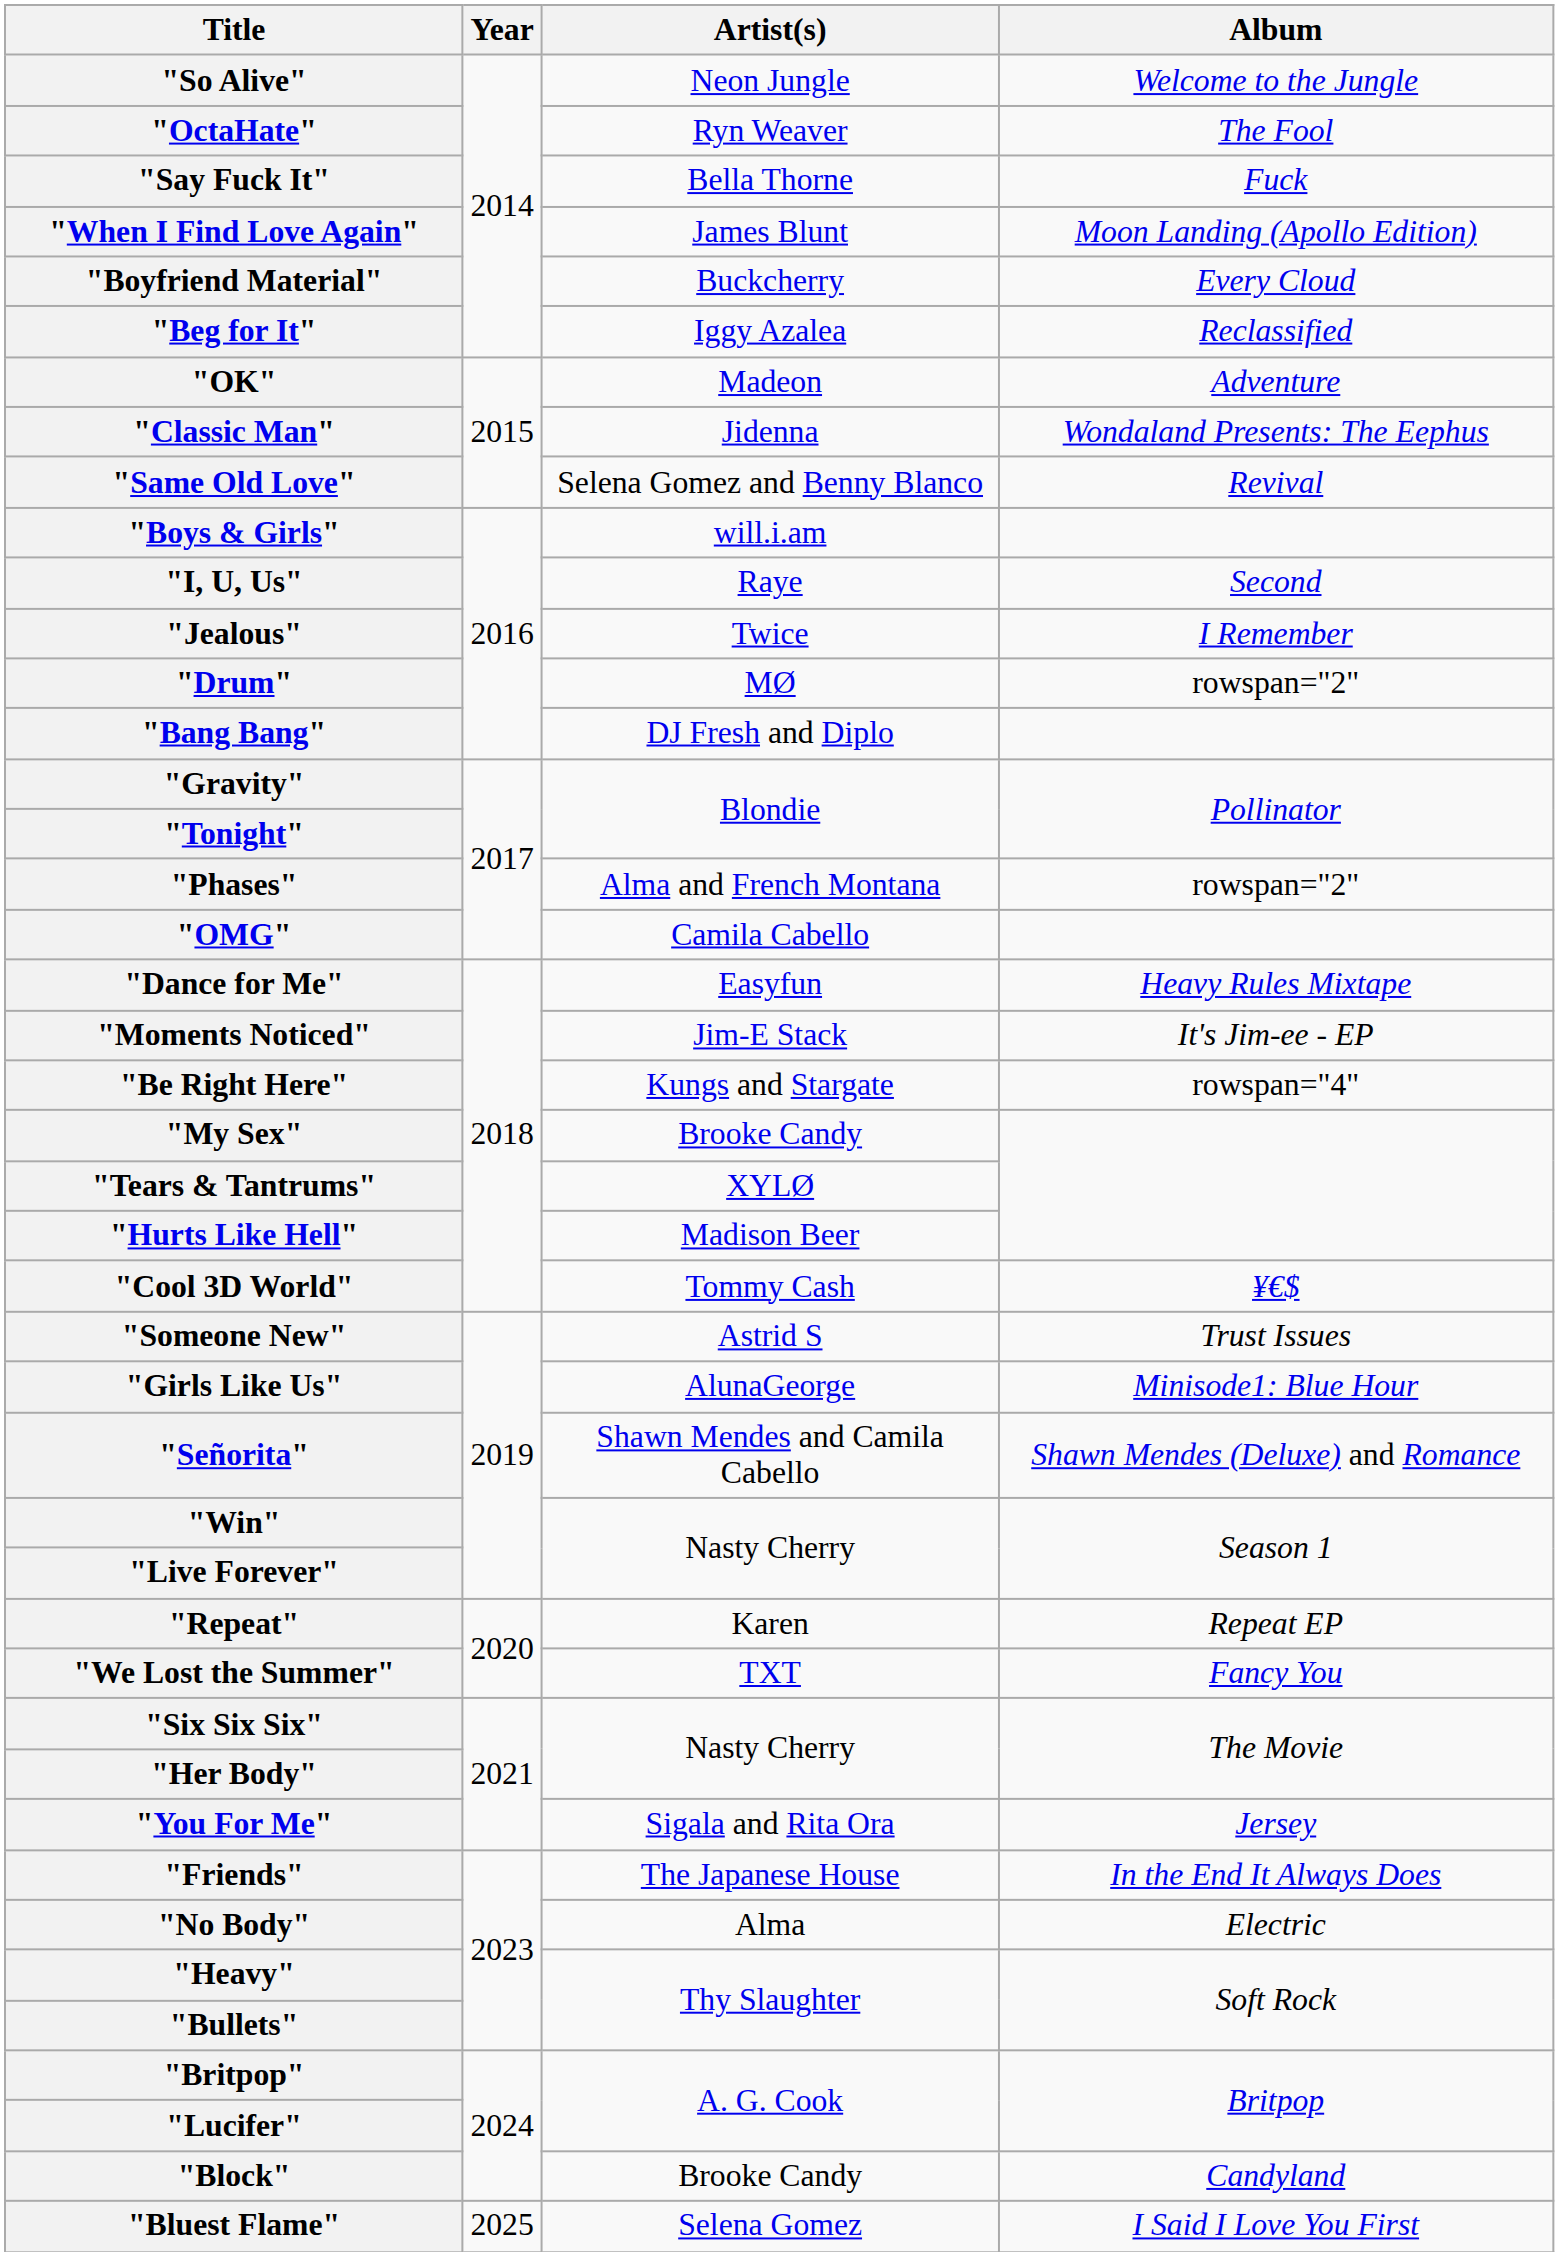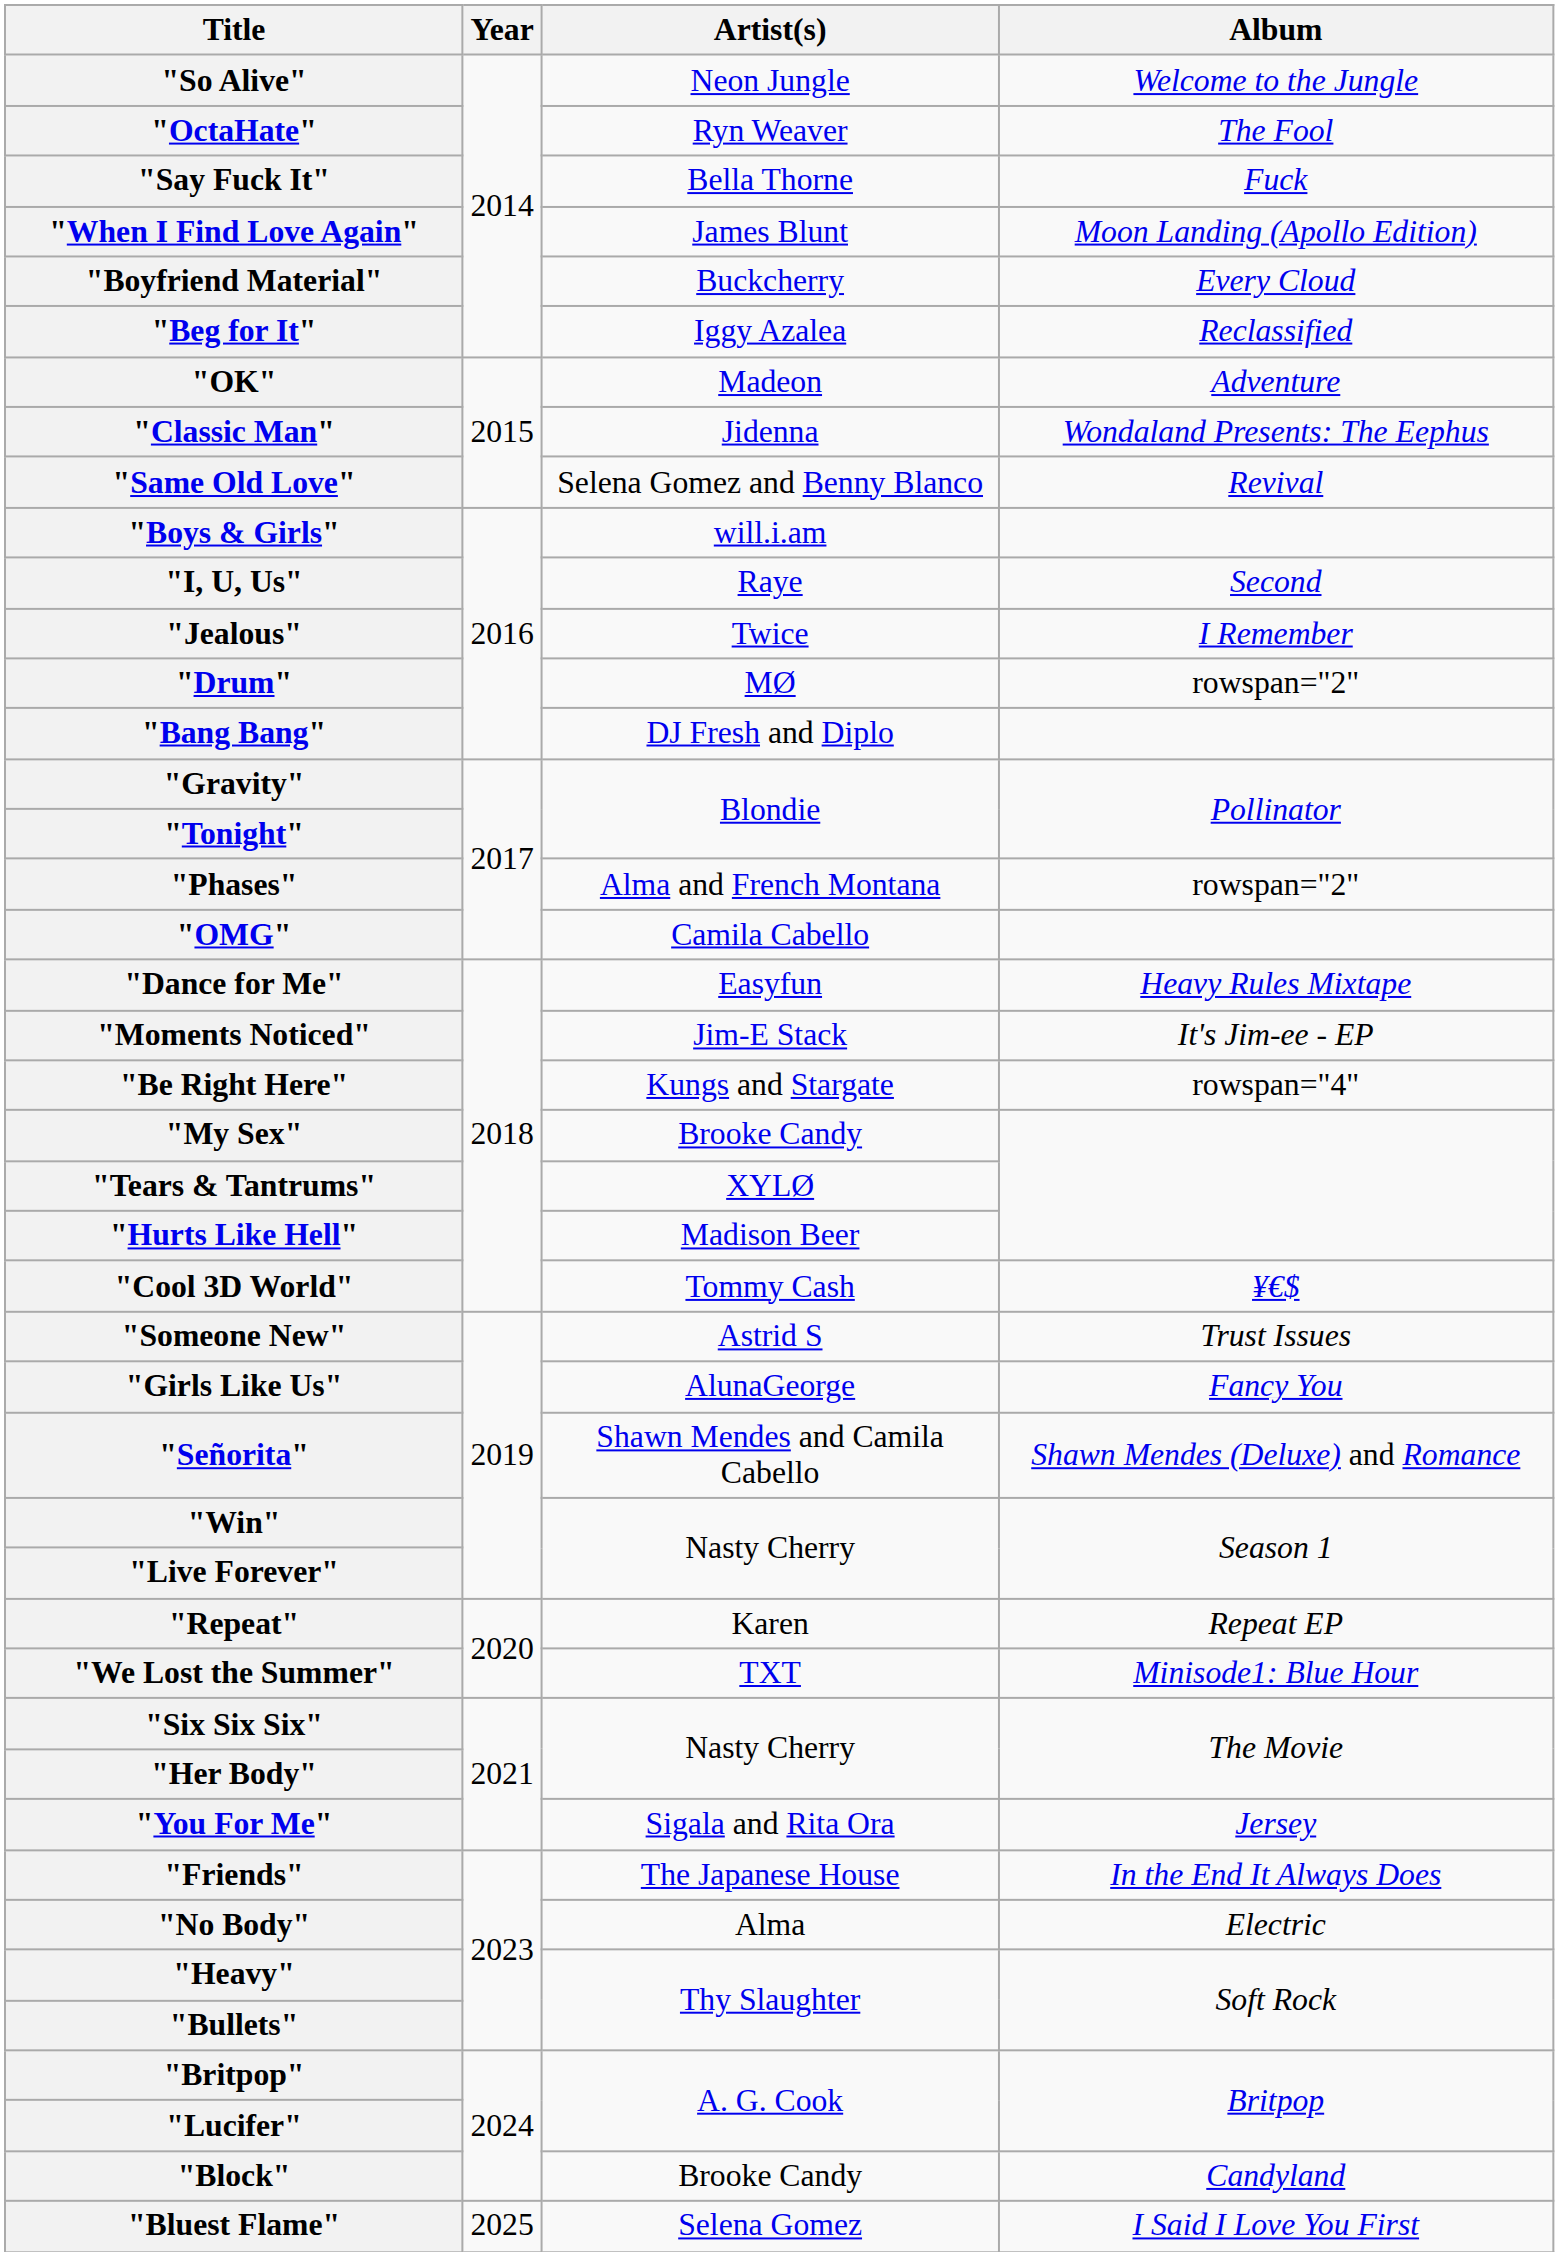 <table class="wikitable plainrowheaders" style="text-align:center;">
 <tr>
 <th scope="col" style="width:14em;">Title</th>
 <th scope="col" style="width:1em;">Year</th>
 <th scope="col" style="width:14em;">Artist(s)</th>
 <th scope="col" style="width:17em;">Album</th>
 </tr>
 <tr>
 <th scope="row">"So Alive"</th>
 <td rowspan="6">2014</td>
 <td><a href='#'>Neon Jungle</a></td>
 <td><em><a href='#'>Welcome to the Jungle</a></em></td>
 </tr>
 <tr>
 <th scope="row">"<a href='#'>OctaHate</a>"</th>
 <td><a href='#'>Ryn Weaver</a></td>
 <td><em><a href='#'>The Fool</a></em></td>
 </tr>
 <tr>
 <th scope="row">"Say Fuck It"</th>
 <td><a href='#'>Bella Thorne</a></td>
 <td><em><a href='#'>Fuck</a></em></td>
 </tr>
 <tr>
 <th scope="row">"<a href='#'>When I Find Love Again</a>"</th>
 <td><a href='#'>James Blunt</a></td>
 <td><em><a href='#'>Moon Landing (Apollo Edition)</a></em></td>
 </tr>
 <tr>
 <th scope="row">"Boyfriend Material"</th>
 <td><a href='#'>Buckcherry</a></td>
 <td><em><a href='#'>Every Cloud</a></em></td>
 </tr>
 <tr>
 <th scope="row">"<a href='#'>Beg for It</a>"<br></th>
 <td><a href='#'>Iggy Azalea</a></td>
 <td><em><a href='#'>Reclassified</a></em></td>
 </tr>
 <tr>
 <th scope="row">"OK"</th>
 <td rowspan="3">2015</td>
 <td><a href='#'>Madeon</a></td>
 <td><em><a href='#'>Adventure</a></em></td>
 </tr>
 <tr>
 <th scope="row">"<a href='#'>Classic Man</a>"<br></th>
 <td><a href='#'>Jidenna</a></td>
 <td><em><a href='#'>Wondaland Presents: The Eephus</a></em></td>
 </tr>
 <tr>
 <th scope="row">"<a href='#'>Same Old Love</a>"</th>
 <td>Selena Gomez and <a href='#'>Benny Blanco</a></td>
 <td><em><a href='#'>Revival</a></em></td>
 </tr>
 <tr>
 <th scope="row">"<a href='#'>Boys & Girls</a>"<br></th>
 <td rowspan="5">2016</td>
 <td><a href='#'>will.i.am</a></td>
 <td></td>
 </tr>
 <tr>
 <th scope="row">"I, U, Us"</th>
 <td><a href='#'>Raye</a></td>
 <td><em><a href='#'>Second</a></em></td>
 </tr>
 <tr>
 <th scope="row">"Jealous"</th>
 <td><a href='#'>Twice</a></td>
 <td><em><a href='#'>I Remember</a></em></td>
 </tr>
 <tr>
 <th scope="row">"<a href='#'>Drum</a>"</th>
 <td><a href='#'>MØ</a></td>
 <td>rowspan="2" </td>
 </tr>
 <tr>
 <th scope="row">"<a href='#'>Bang Bang</a>"<br></th>
 <td><a href='#'>DJ Fresh</a> and <a href='#'>Diplo</a></td>
 </tr>
 <tr>
 <th scope="row">"Gravity"</th>
 <td rowspan="4">2017</td>
 <td rowspan="2"><a href='#'>Blondie</a></td>
 <td rowspan="2"><em><a href='#'>Pollinator</a></em></td>
 </tr>
 <tr>
 <th scope="row">"<a href='#'>Tonight</a>"<br></th>
 </tr>
 <tr>
 <th scope="row">"Phases"</th>
 <td><a href='#'>Alma</a> and <a href='#'>French Montana</a></td>
 <td>rowspan="2" </td>
 </tr>
 <tr>
 <th scope="row">"<a href='#'>OMG</a>"<br></th>
 <td><a href='#'>Camila Cabello</a></td>
 </tr>
 <tr>
 <th scope="row">"Dance for Me"<br></th>
 <td rowspan="7">2018</td>
 <td><a href='#'>Easyfun</a></td>
 <td><em><a href='#'>Heavy Rules Mixtape</a></em></td>
 </tr>
 <tr>
 <th scope="row">"Moments Noticed"</th>
 <td><a href='#'>Jim-E Stack</a></td>
 <td><em>It's Jim-ee - EP</em></td>
 </tr>
 <tr>
 <th scope="row">"Be Right Here"<br></th>
 <td><a href='#'>Kungs</a> and <a href='#'>Stargate</a></td>
 <td>rowspan="4" </td>
 </tr>
 <tr>
 <th scope="row">"My Sex"<br></th>
 <td><a href='#'>Brooke Candy</a></td>
 </tr>
 <tr>
 <th scope="row">"Tears & Tantrums" </th>
 <td><a href='#'>XYLØ</a></td>
 </tr>
 <tr>
 <th scope="row">"<a href='#'>Hurts Like Hell</a>"<br></th>
 <td><a href='#'>Madison Beer</a></td>
 </tr>
 <tr>
 <th scope="row">"Cool 3D World"</th>
 <td><a href='#'>Tommy Cash</a></td>
 <td><em><a href='#'>¥€$</a></em></td>
 </tr>
 <tr>
 <th scope="row">"Someone New"</th>
 <td rowspan="5">2019</td>
 <td><a href='#'>Astrid S</a></td>
 <td><em>Trust Issues</em></td>
 </tr>
 <tr>
 <th scope="row">"Girls Like Us"</th>
 <td><a href='#'>AlunaGeorge</a></td>
-<td><em><a href='#'>Minisode1: Blue Hour</a></em></td>
+<td><em><a href='#'>Fancy You</a></em></td>
 </tr>
 <tr>
 <th scope="row">"<a href='#'>Señorita</a>"</th>
 <td><a href='#'>Shawn Mendes</a> and Camila Cabello</td>
 <td><em><a href='#'>Shawn Mendes (Deluxe)</a></em> and <em><a href='#'>Romance</a></em></td>
 </tr>
 <tr>
 <th scope="row">"Win"</th>
 <td rowspan="2">Nasty Cherry</td>
 <td rowspan="2"><em>Season 1</em></td>
 </tr>
 <tr>
 <th scope="row">"Live Forever"</th>
 </tr>
 <tr>
 <th scope="row">"Repeat"</th>
 <td rowspan="2">2020</td>
 <td>Karen</td>
 <td><em>Repeat EP</em></td>
 </tr>
 <tr>
 <th scope="row">"We Lost the Summer"</th>
 <td><a href='#'>TXT</a></td>
-<td><em><a href='#'>Fancy You</a></em></td>
+<td><em><a href='#'>Minisode1: Blue Hour</a></em></td>
 </tr>
 <tr>
 <th scope="row">"Six Six Six"</th>
 <td rowspan="3">2021</td>
 <td rowspan="2">Nasty Cherry</td>
 <td rowspan="2"><em>The Movie</em></td>
 </tr>
 <tr>
 <th scope="row">"Her Body"</th>
 </tr>
 <tr>
 <th scope="row">"<a href='#'>You For Me</a>"</th>
 <td><a href='#'>Sigala</a> and <a href='#'>Rita Ora</a></td>
 <td><em><a href='#'>Jersey</a></em></td>
 </tr>
 <tr>
 <th scope="row">"Friends"</th>
 <td rowspan="4">2023</td>
 <td><a href='#'>The Japanese House</a></td>
 <td><em><a href='#'>In the End It Always Does</a></em></td>
 </tr>
 <tr>
 <th scope="row">"No Body"</th>
 <td>Alma</td>
 <td><em>Electric</em></td>
 </tr>
 <tr>
 <th scope="row">"Heavy"</th>
 <td rowspan="2"><a href='#'>Thy Slaughter</a></td>
 <td rowspan="2"><em>Soft Rock</em></td>
 </tr>
 <tr>
 <th scope="row">"Bullets"</th>
 </tr>
 <tr>
 <th scope="row">"Britpop"</th>
 <td rowspan="3">2024</td>
 <td rowspan="2"><a href='#'>A. G. Cook</a></td>
 <td rowspan="2"><em><a href='#'>Britpop</a></em></td>
 </tr>
 <tr>
 <th scope="row">"Lucifer"</th>
 </tr>
 <tr>
 <th scope="row">"Block"</th>
 <td>Brooke Candy</td>
 <td><em><a href='#'>Candyland</a></em></td>
 </tr>
 <tr>
 <th scope="row">"Bluest Flame"</th>
 <td>2025</td>
 <td><a href='#'>Selena Gomez</a></td>
 <td><em><a href='#'>I Said I Love You First</a></em></td>
 </tr>
 </table>
